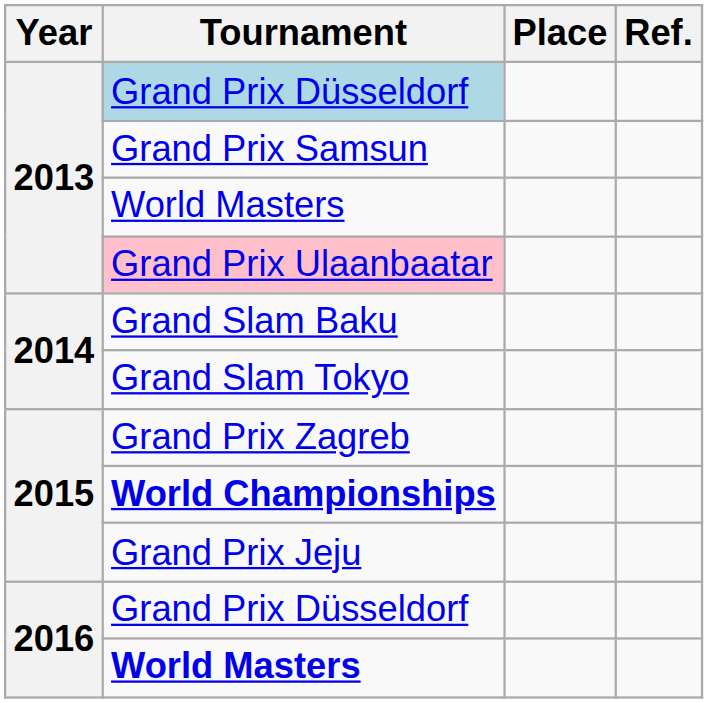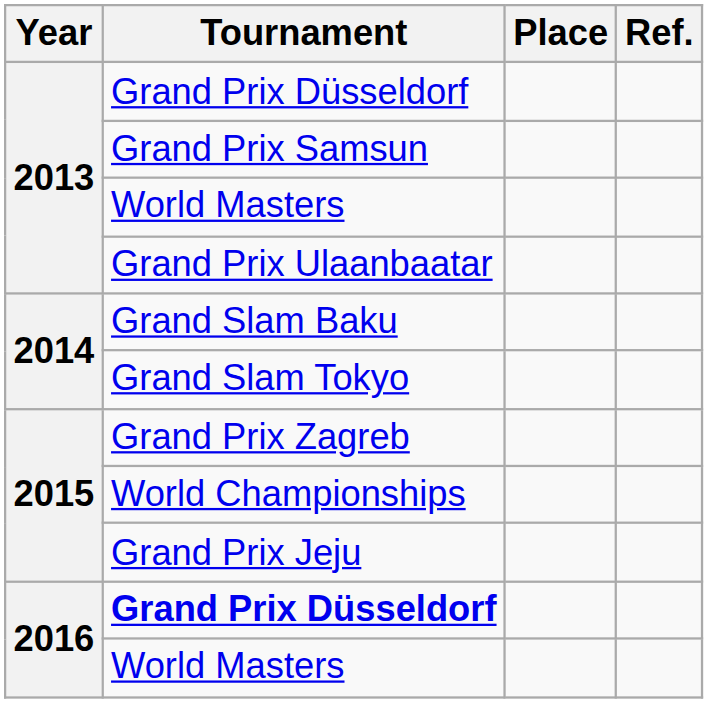 <table class="wikitable sortable" style="text-align:center;">
 <tr>
 <th>Year</th>
 <th>Tournament</th>
 <th>Place</th>
 <th>Ref.</th>
 </tr>
 <tr>
 <th rowspan=4>2013</th>
-<td align=left style="background: lightblue;"><a href='#'>Grand Prix Düsseldorf</a></td>
+<td align=left><a href='#'>Grand Prix Düsseldorf</a></td>
 <td></td>
 <td></td>
 </tr>
 <tr>
 <td align=left><a href='#'>Grand Prix Samsun</a></td>
 <td></td>
 <td></td>
 </tr>
 <tr>
 <td align=left><a href='#'>World Masters</a></td>
 <td></td>
 <td></td>
 </tr>
 <tr>
-<td align=left style="background: pink;"><a href='#'>Grand Prix Ulaanbaatar</a></td>
+<td align=left><a href='#'>Grand Prix Ulaanbaatar</a></td>
 <td></td>
 <td></td>
 </tr>
 <tr>
 <th rowspan=2>2014</th>
 <td align=left><a href='#'>Grand Slam Baku</a></td>
 <td></td>
 <td></td>
 </tr>
 <tr>
 <td align=left><a href='#'>Grand Slam Tokyo</a></td>
 <td></td>
 <td></td>
 </tr>
 <tr>
 <th rowspan=3>2015</th>
 <td align=left><a href='#'>Grand Prix Zagreb</a></td>
 <td></td>
 <td></td>
 </tr>
 <tr>
-<td align=left><strong><a href='#'>World Championships</a></strong></td>
+<td align=left><a href='#'>World Championships</a></td>
 <td></td>
 <td></td>
 </tr>
 <tr>
 <td align=left><a href='#'>Grand Prix Jeju</a></td>
 <td></td>
 <td></td>
 </tr>
 <tr>
 <th rowspan=2>2016</th>
-<td align=left><a href='#'>Grand Prix Düsseldorf</a></td>
+<td align=left><strong><a href='#'>Grand Prix Düsseldorf</a></strong></td>
 <td></td>
 <td></td>
 </tr>
 <tr>
-<td align=left><strong><a href='#'>World Masters</a></strong></td>
+<td align=left><a href='#'>World Masters</a></td>
 <td></td>
 <td></td>
 </tr>
 </table>
